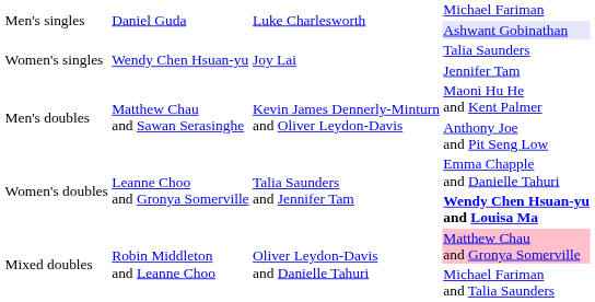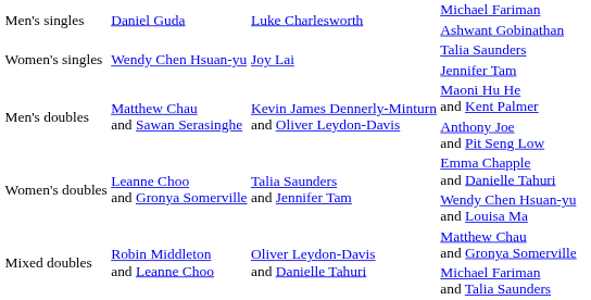 <table>
 <tr>
 <td rowspan=2>Men's singles</td>
 <td rowspan=2> <a href='#'>Daniel Guda</a></td>
 <td rowspan=2> <a href='#'>Luke Charlesworth</a></td>
 <td> <a href='#'>Michael Fariman</a></td>
 </tr>
 <tr>
-<td style="background: lavender;"> <a href='#'>Ashwant Gobinathan</a></td>
+<td> <a href='#'>Ashwant Gobinathan</a></td>
 </tr>
 <tr>
 <td rowspan=2>Women's singles</td>
 <td rowspan=2> <a href='#'>Wendy Chen Hsuan-yu</a></td>
 <td rowspan=2> <a href='#'>Joy Lai</a></td>
 <td> <a href='#'>Talia Saunders</a></td>
 </tr>
 <tr>
 <td> <a href='#'>Jennifer Tam</a></td>
 </tr>
 <tr>
 <td rowspan=2>Men's doubles</td>
 <td rowspan=2> <a href='#'>Matthew Chau</a><br>and <a href='#'>Sawan Serasinghe</a></td>
 <td rowspan=2> <a href='#'>Kevin James Dennerly-Minturn</a><br>and <a href='#'>Oliver Leydon-Davis</a></td>
 <td> <a href='#'>Maoni Hu He</a><br>and <a href='#'>Kent Palmer</a></td>
 </tr>
 <tr>
 <td> <a href='#'>Anthony Joe</a><br>and <a href='#'>Pit Seng Low</a></td>
 </tr>
 <tr>
 <td rowspan=2>Women's doubles</td>
 <td rowspan=2> <a href='#'>Leanne Choo</a><br>and <a href='#'>Gronya Somerville</a></td>
 <td rowspan=2> <a href='#'>Talia Saunders</a><br>and <a href='#'>Jennifer Tam</a></td>
 <td> <a href='#'>Emma Chapple</a><br>and <a href='#'>Danielle Tahuri</a></td>
 </tr>
 <tr>
-<td><strong> <a href='#'>Wendy Chen Hsuan-yu</a><br>and <a href='#'>Louisa Ma</a></strong></td>
+<td> <a href='#'>Wendy Chen Hsuan-yu</a><br>and <a href='#'>Louisa Ma</a></td>
 </tr>
 <tr>
 <td rowspan=2>Mixed doubles</td>
 <td rowspan=2> <a href='#'>Robin Middleton</a><br> and <a href='#'>Leanne Choo</a></td>
 <td rowspan=2> <a href='#'>Oliver Leydon-Davis</a><br>and <a href='#'>Danielle Tahuri</a></td>
-<td style="background: pink;"> <a href='#'>Matthew Chau</a><br>and <a href='#'>Gronya Somerville</a></td>
+<td> <a href='#'>Matthew Chau</a><br>and <a href='#'>Gronya Somerville</a></td>
 </tr>
 <tr>
 <td> <a href='#'>Michael Fariman</a><br>and <a href='#'>Talia Saunders</a></td>
 </tr>
 </table>
